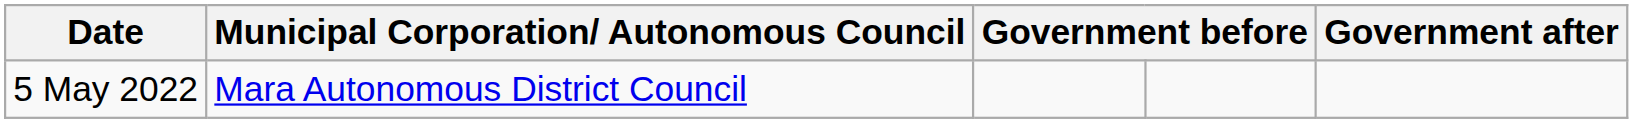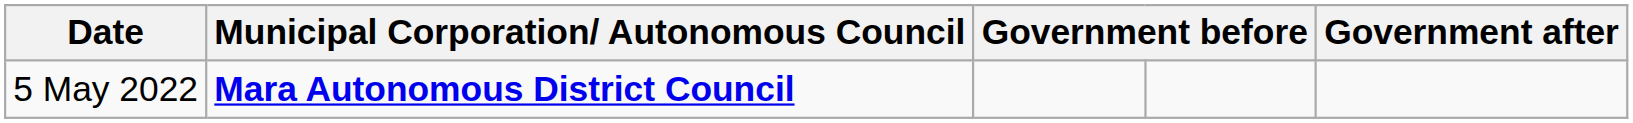 <table class="wikitable sortable">
 <tr>
 <th>Date</th>
 <th>Municipal Corporation/ Autonomous Council</th>
 <th colspan=2>Government before</th>
 <th colspan=2>Government after</th>
 </tr>
 <tr>
 <td>5 May 2022</td>
-<td><a href='#'>Mara Autonomous District Council</a></td>
+<td><strong><a href='#'>Mara Autonomous District Council</a></strong></td>
 <td></td>
 <td></td>
 </tr>
 </table>
